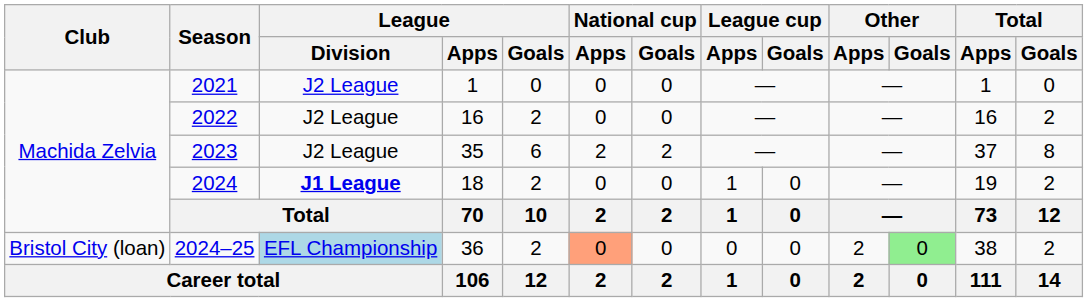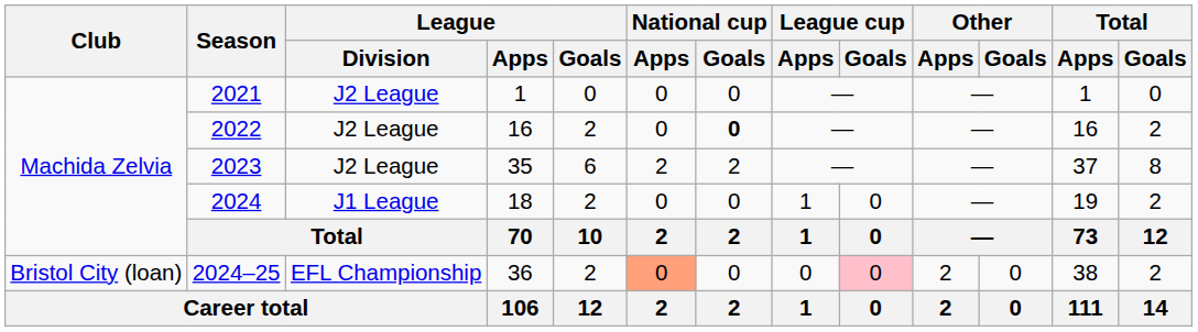 <table class="wikitable" style="text-align:center">
 <tr>
 <th rowspan=2>Club</th>
 <th rowspan=2>Season</th>
 <th colspan=3>League</th>
 <th colspan=2>National cup</th>
 <th colspan=2>League cup</th>
 <th colspan="2">Other</th>
 <th colspan="2">Total</th>
 </tr>
 <tr>
 <th>Division</th>
 <th>Apps</th>
 <th>Goals</th>
 <th>Apps</th>
 <th>Goals</th>
 <th>Apps</th>
 <th>Goals</th>
 <th>Apps</th>
 <th>Goals</th>
 <th>Apps</th>
 <th>Goals</th>
 </tr>
 <tr>
 <td rowspan="5"><a href='#'>Machida Zelvia</a></td>
 <td><a href='#'>2021</a></td>
 <td><a href='#'>J2 League</a></td>
 <td>1</td>
 <td>0</td>
 <td>0</td>
 <td>0</td>
 <td colspan="2">—</td>
 <td colspan="2">—</td>
 <td>1</td>
 <td>0</td>
 </tr>
 <tr>
 <td><a href='#'>2022</a></td>
 <td>J2 League</td>
 <td>16</td>
 <td>2</td>
 <td>0</td>
-<td>0</td>
+<td><strong>0</strong></td>
 <td colspan="2">—</td>
 <td colspan="2">—</td>
 <td>16</td>
 <td>2</td>
 </tr>
 <tr>
 <td><a href='#'>2023</a></td>
 <td>J2 League</td>
 <td>35</td>
 <td>6</td>
 <td>2</td>
 <td>2</td>
 <td colspan="2">—</td>
 <td colspan="2">—</td>
 <td>37</td>
 <td>8</td>
 </tr>
 <tr>
 <td><a href='#'>2024</a></td>
-<td><strong><a href='#'>J1 League</a></strong></td>
+<td><a href='#'>J1 League</a></td>
 <td>18</td>
 <td>2</td>
 <td>0</td>
 <td>0</td>
 <td>1</td>
 <td>0</td>
 <td colspan="2">—</td>
 <td>19</td>
 <td>2</td>
 </tr>
 <tr>
 <th colspan="2">Total</th>
 <th>70</th>
 <th>10</th>
 <th>2</th>
 <th>2</th>
 <th>1</th>
 <th>0</th>
 <th colspan="2">—</th>
 <th>73</th>
 <th>12</th>
 </tr>
 <tr>
 <td><a href='#'>Bristol City</a> (loan)</td>
 <td><a href='#'>2024–25</a></td>
-<td style="background: lightblue;"><a href='#'>EFL Championship</a></td>
+<td><a href='#'>EFL Championship</a></td>
 <td>36</td>
 <td>2</td>
 <td style="background: lightsalmon;">0</td>
 <td>0</td>
 <td>0</td>
+<td style="background: pink;">0</td>
+<td>2</td>
 <td>0</td>
-<td>2</td>
-<td style="background: lightgreen;">0</td>
 <td>38</td>
 <td>2</td>
 </tr>
 <tr>
 <th colspan=3>Career total</th>
 <th>106</th>
 <th>12</th>
 <th>2</th>
 <th>2</th>
 <th>1</th>
 <th>0</th>
 <th>2</th>
 <th>0</th>
 <th>111</th>
 <th>14</th>
 </tr>
 </table>
